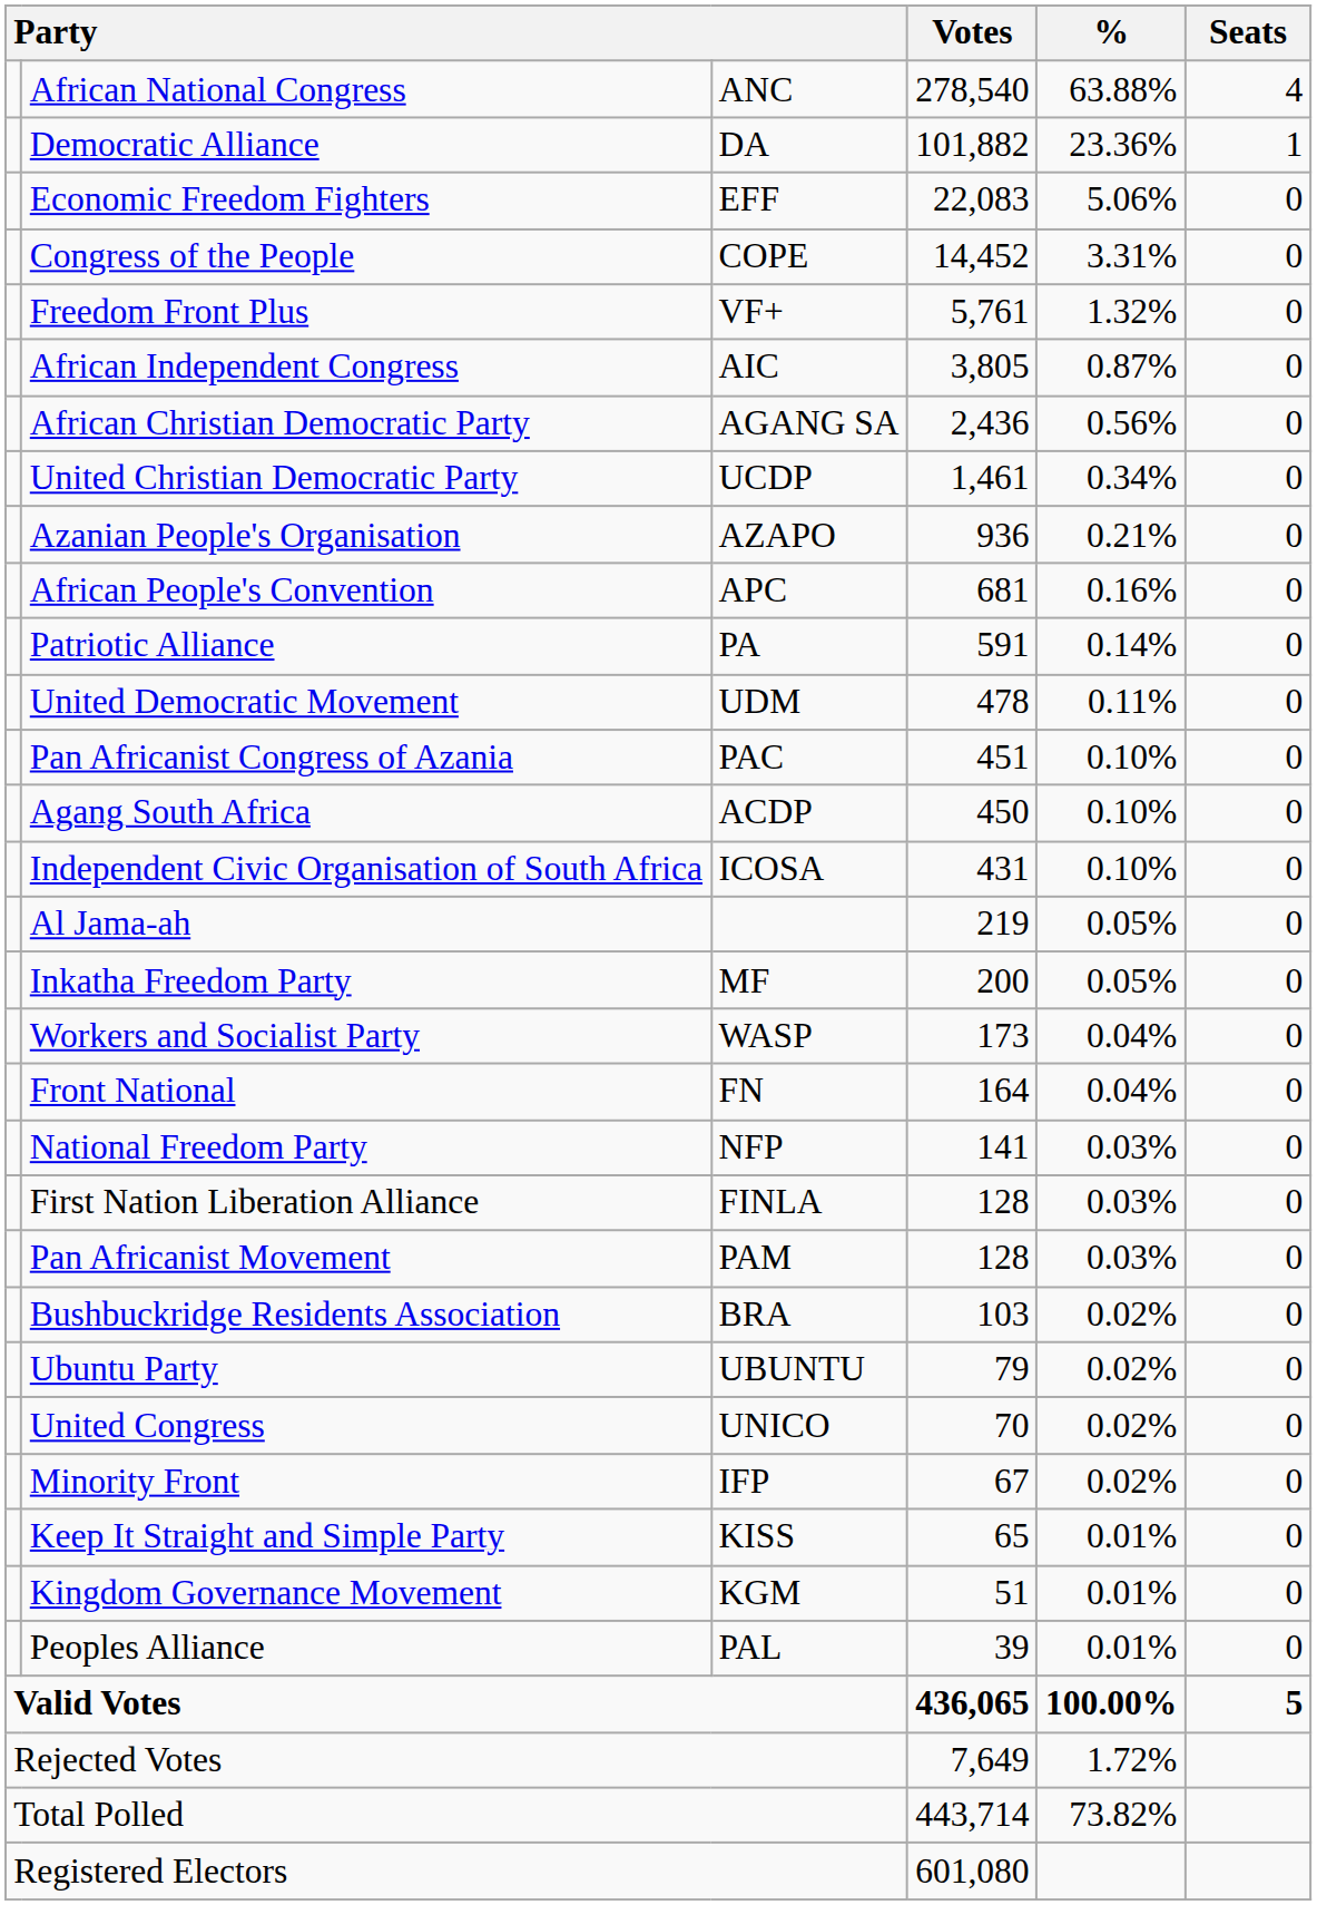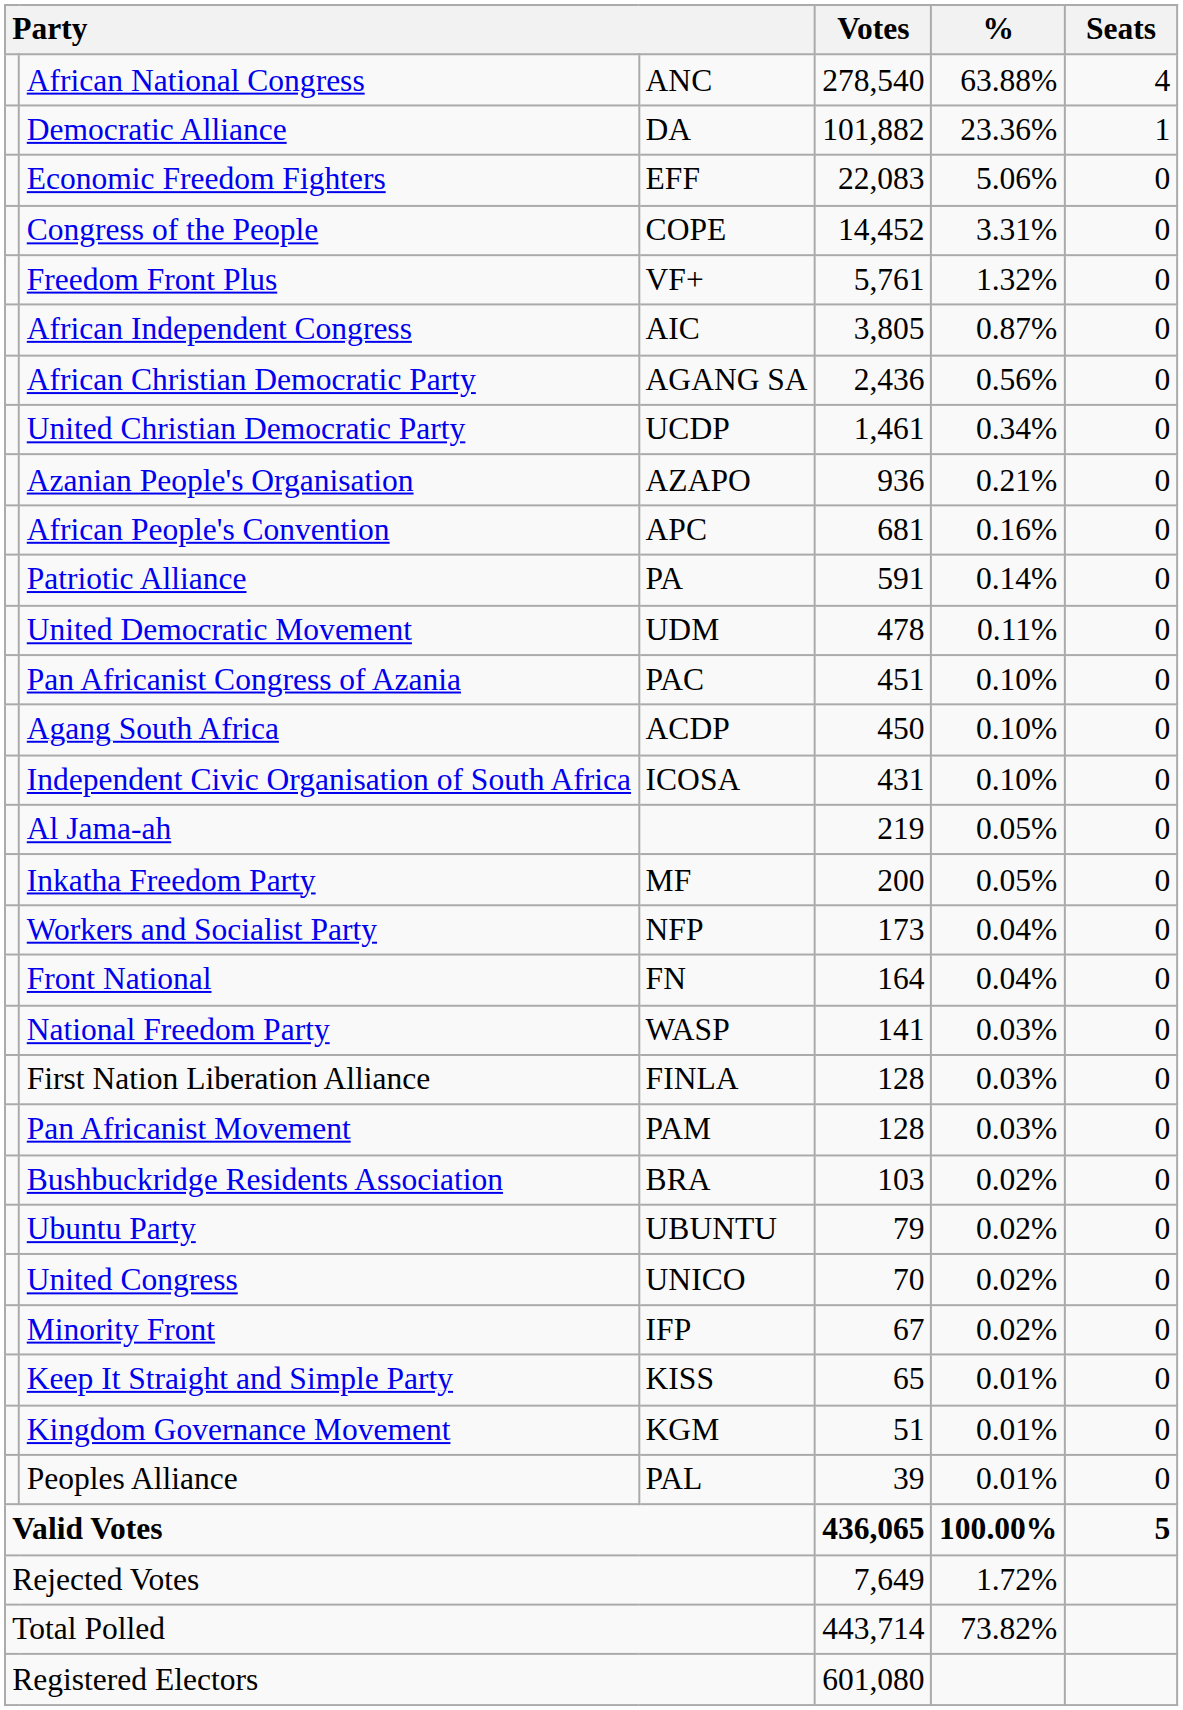 <table class="wikitable" border="1" style="text-align:right;">
 <tr>
 <th style="text-align:left;" colspan=3>Party</th>
 <th align=center width="50">Votes</th>
 <th align=center width="50">%</th>
 <th align=center width="50">Seats</th>
 </tr>
 <tr>
 <td style="background:"></td>
 <td align=left><a href='#'>African National Congress</a></td>
 <td align=left>ANC</td>
 <td>278,540</td>
 <td>63.88%</td>
 <td>4</td>
 </tr>
 <tr>
 <td style="background:"></td>
 <td align=left><a href='#'>Democratic Alliance</a></td>
 <td align=left>DA</td>
 <td>101,882</td>
 <td>23.36%</td>
 <td>1</td>
 </tr>
 <tr>
 <td style="background:"></td>
 <td align=left><a href='#'>Economic Freedom Fighters</a></td>
 <td align=left>EFF</td>
 <td>22,083</td>
 <td>5.06%</td>
 <td>0</td>
 </tr>
 <tr>
 <td style="background:"></td>
 <td align=left><a href='#'>Congress of the People</a></td>
 <td align=left>COPE</td>
 <td>14,452</td>
 <td>3.31%</td>
 <td>0</td>
 </tr>
 <tr>
 <td style="background:"></td>
 <td align=left><a href='#'>Freedom Front Plus</a></td>
 <td align=left>VF+</td>
 <td>5,761</td>
 <td>1.32%</td>
 <td>0</td>
 </tr>
 <tr>
 <td style="background:"></td>
 <td align=left><a href='#'>African Independent Congress</a></td>
 <td align=left>AIC</td>
 <td>3,805</td>
 <td>0.87%</td>
 <td>0</td>
 </tr>
 <tr>
 <td style="background:"></td>
 <td align=left><a href='#'>African Christian Democratic Party</a></td>
 <td align=left>AGANG SA</td>
 <td>2,436</td>
 <td>0.56%</td>
 <td>0</td>
 </tr>
 <tr>
 <td style="background:"></td>
 <td align=left><a href='#'>United Christian Democratic Party</a></td>
 <td align=left>UCDP</td>
 <td>1,461</td>
 <td>0.34%</td>
 <td>0</td>
 </tr>
 <tr>
 <td style="background:"></td>
 <td align=left><a href='#'>Azanian People's Organisation</a></td>
 <td align=left>AZAPO</td>
 <td>936</td>
 <td>0.21%</td>
 <td>0</td>
 </tr>
 <tr>
 <td style="background:"></td>
 <td align=left><a href='#'>African People's Convention</a></td>
 <td align=left>APC</td>
 <td>681</td>
 <td>0.16%</td>
 <td>0</td>
 </tr>
 <tr>
 <td style="background:"></td>
 <td align=left><a href='#'>Patriotic Alliance</a></td>
 <td align=left>PA</td>
 <td>591</td>
 <td>0.14%</td>
 <td>0</td>
 </tr>
 <tr>
 <td style="background:"></td>
 <td align=left><a href='#'>United Democratic Movement</a></td>
 <td align=left>UDM</td>
 <td>478</td>
 <td>0.11%</td>
 <td>0</td>
 </tr>
 <tr>
 <td style="background:"></td>
 <td align=left><a href='#'>Pan Africanist Congress of Azania</a></td>
 <td align=left>PAC</td>
 <td>451</td>
 <td>0.10%</td>
 <td>0</td>
 </tr>
 <tr>
 <td style="background:"></td>
 <td align=left><a href='#'>Agang South Africa</a></td>
 <td align=left>ACDP</td>
 <td>450</td>
 <td>0.10%</td>
 <td>0</td>
 </tr>
 <tr>
 <td style="background:"></td>
 <td align=left><a href='#'>Independent Civic Organisation of South Africa</a></td>
 <td align=left>ICOSA</td>
 <td>431</td>
 <td>0.10%</td>
 <td>0</td>
 </tr>
 <tr>
 <td style="background:"></td>
 <td align=left><a href='#'>Al Jama-ah</a></td>
 <td align=left></td>
 <td>219</td>
 <td>0.05%</td>
 <td>0</td>
 </tr>
 <tr>
 <td style="background:"></td>
 <td align=left><a href='#'>Inkatha Freedom Party</a></td>
 <td align=left>MF</td>
 <td>200</td>
 <td>0.05%</td>
 <td>0</td>
 </tr>
 <tr>
 <td style="background:"></td>
 <td align=left><a href='#'>Workers and Socialist Party</a></td>
-<td align=left>WASP</td>
+<td align=left>NFP</td>
 <td>173</td>
 <td>0.04%</td>
 <td>0</td>
 </tr>
 <tr>
 <td style="background:"></td>
 <td align=left><a href='#'>Front National</a></td>
 <td align=left>FN</td>
 <td>164</td>
 <td>0.04%</td>
 <td>0</td>
 </tr>
 <tr>
 <td style="background:"></td>
 <td align=left><a href='#'>National Freedom Party</a></td>
-<td align=left>NFP</td>
+<td align=left>WASP</td>
 <td>141</td>
 <td>0.03%</td>
 <td>0</td>
 </tr>
 <tr>
 <td></td>
 <td align=left>First Nation Liberation Alliance</td>
 <td align=left>FINLA</td>
 <td>128</td>
 <td>0.03%</td>
 <td>0</td>
 </tr>
 <tr>
 <td style="background:"></td>
 <td align=left><a href='#'>Pan Africanist Movement</a></td>
 <td align=left>PAM</td>
 <td>128</td>
 <td>0.03%</td>
 <td>0</td>
 </tr>
 <tr>
 <td style="background:"></td>
 <td align=left><a href='#'>Bushbuckridge Residents Association</a></td>
 <td align=left>BRA</td>
 <td>103</td>
 <td>0.02%</td>
 <td>0</td>
 </tr>
 <tr>
 <td style="background:"></td>
 <td align=left><a href='#'>Ubuntu Party</a></td>
 <td align=left>UBUNTU</td>
 <td>79</td>
 <td>0.02%</td>
 <td>0</td>
 </tr>
 <tr>
 <td style="background:"></td>
 <td align=left><a href='#'>United Congress</a></td>
 <td align=left>UNICO</td>
 <td>70</td>
 <td>0.02%</td>
 <td>0</td>
 </tr>
 <tr>
 <td style="background:"></td>
 <td align=left><a href='#'>Minority Front</a></td>
 <td align=left>IFP</td>
 <td>67</td>
 <td>0.02%</td>
 <td>0</td>
 </tr>
 <tr>
 <td style="background:"></td>
 <td align=left><a href='#'>Keep It Straight and Simple Party</a></td>
 <td align=left>KISS</td>
 <td>65</td>
 <td>0.01%</td>
 <td>0</td>
 </tr>
 <tr>
 <td></td>
 <td align=left><a href='#'>Kingdom Governance Movement</a></td>
 <td align=left>KGM</td>
 <td>51</td>
 <td>0.01%</td>
 <td>0</td>
 </tr>
 <tr>
 <td></td>
 <td align=left>Peoples Alliance</td>
 <td align=left>PAL</td>
 <td>39</td>
 <td>0.01%</td>
 <td>0</td>
 </tr>
 <tr style="font-weight:bold">
 <td align=left colspan=3>Valid Votes</td>
 <td>436,065</td>
 <td>100.00%</td>
 <td>5</td>
 </tr>
 <tr>
 <td align=left colspan=3>Rejected Votes</td>
 <td>7,649</td>
 <td>1.72%</td>
 <td></td>
 </tr>
 <tr>
 <td align=left colspan=3>Total Polled</td>
 <td>443,714</td>
 <td>73.82%</td>
 <td></td>
 </tr>
 <tr>
 <td align=left colspan=3>Registered Electors</td>
 <td>601,080</td>
 <td></td>
 <td></td>
 </tr>
 </table>
